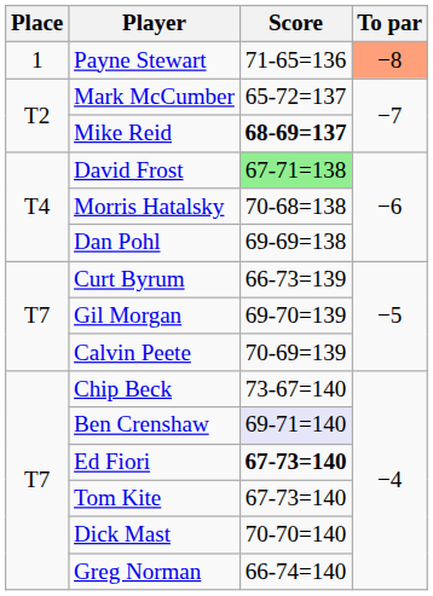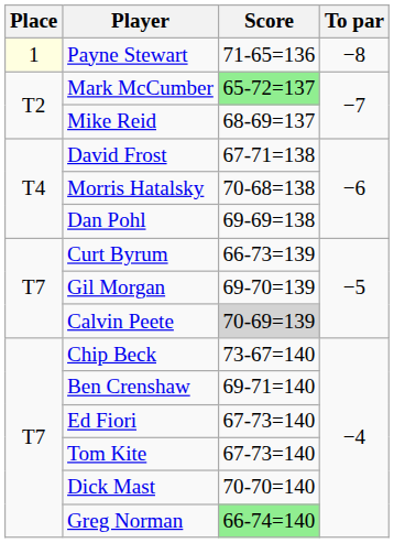 <table class="wikitable">
 <tr>
 <th>Place</th>
 <th>Player</th>
 <th>Score</th>
 <th>To par</th>
 </tr>
 <tr>
-<td align=center>1</td>
+<td align=center style="background: lightyellow;">1</td>
 <td> <a href='#'>Payne Stewart</a></td>
 <td align=center>71-65=136</td>
-<td align=center style="background: lightsalmon;">−8</td>
+<td align=center>−8</td>
 </tr>
 <tr>
 <td rowspan=2 align=center>T2</td>
 <td> <a href='#'>Mark McCumber</a></td>
-<td align=center>65-72=137</td>
+<td align=center style="background: lightgreen;">65-72=137</td>
 <td rowspan=2 align=center>−7</td>
 </tr>
 <tr>
 <td> <a href='#'>Mike Reid</a></td>
-<td align=center><strong>68-69=137</strong></td>
+<td align=center>68-69=137</td>
 </tr>
 <tr>
 <td rowspan=3 align=center>T4</td>
 <td> <a href='#'>David Frost</a></td>
-<td align=center style="background: lightgreen;">67-71=138</td>
+<td align=center>67-71=138</td>
 <td rowspan=3 align=center>−6</td>
 </tr>
 <tr>
 <td> <a href='#'>Morris Hatalsky</a></td>
 <td align=center>70-68=138</td>
 </tr>
 <tr>
 <td> <a href='#'>Dan Pohl</a></td>
 <td align=center>69-69=138</td>
 </tr>
 <tr>
 <td rowspan=3 align=center>T7</td>
 <td> <a href='#'>Curt Byrum</a></td>
 <td align=center>66-73=139</td>
 <td rowspan=3 align=center>−5</td>
 </tr>
 <tr>
 <td> <a href='#'>Gil Morgan</a></td>
 <td align=center>69-70=139</td>
 </tr>
 <tr>
 <td> <a href='#'>Calvin Peete</a></td>
-<td align=center>70-69=139</td>
+<td align=center style="background: lightgrey;">70-69=139</td>
 </tr>
 <tr>
 <td rowspan=6 align=center>T7</td>
 <td> <a href='#'>Chip Beck</a></td>
 <td align=center>73-67=140</td>
 <td rowspan=6 align=center>−4</td>
 </tr>
 <tr>
 <td> <a href='#'>Ben Crenshaw</a></td>
-<td align=center style="background: lavender;">69-71=140</td>
+<td align=center>69-71=140</td>
 </tr>
 <tr>
 <td> <a href='#'>Ed Fiori</a></td>
-<td align=center><strong>67-73=140</strong></td>
+<td align=center>67-73=140</td>
 </tr>
 <tr>
 <td> <a href='#'>Tom Kite</a></td>
 <td align=center>67-73=140</td>
 </tr>
 <tr>
 <td> <a href='#'>Dick Mast</a></td>
 <td align=center>70-70=140</td>
 </tr>
 <tr>
 <td> <a href='#'>Greg Norman</a></td>
-<td align=center>66-74=140</td>
+<td align=center style="background: lightgreen;">66-74=140</td>
 </tr>
 </table>
